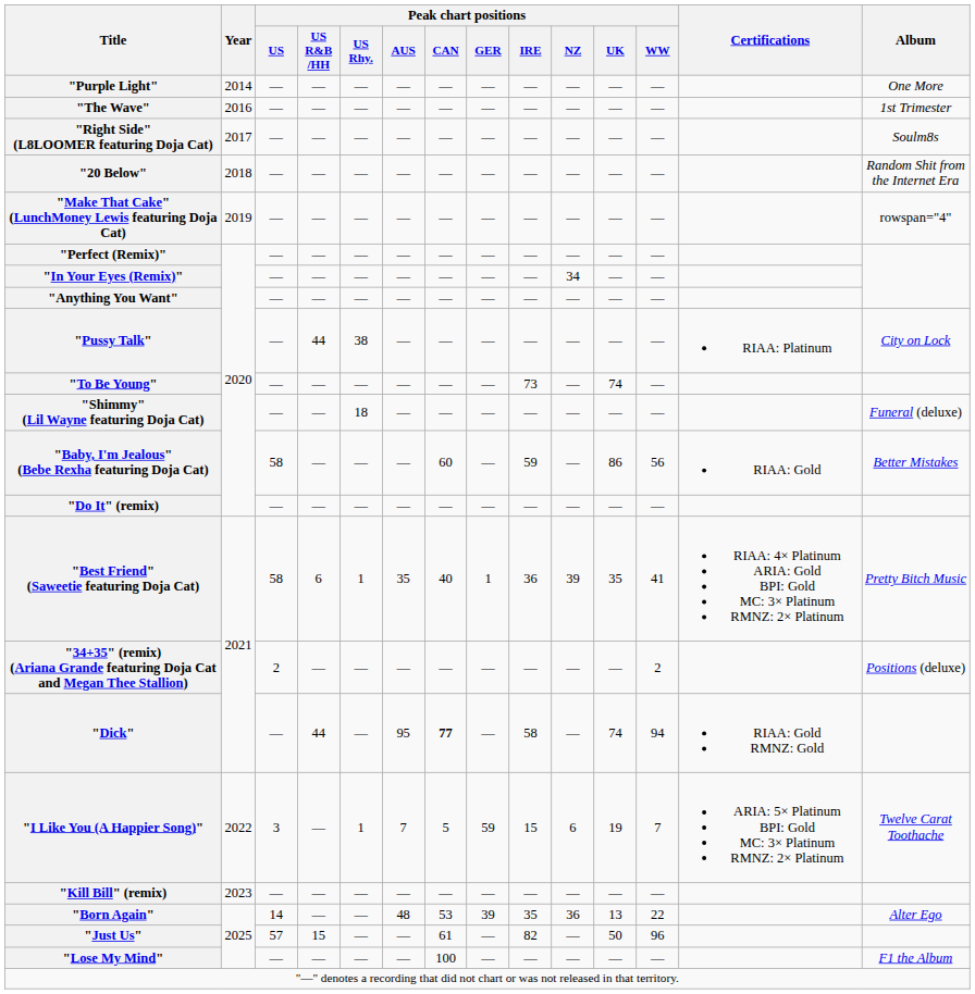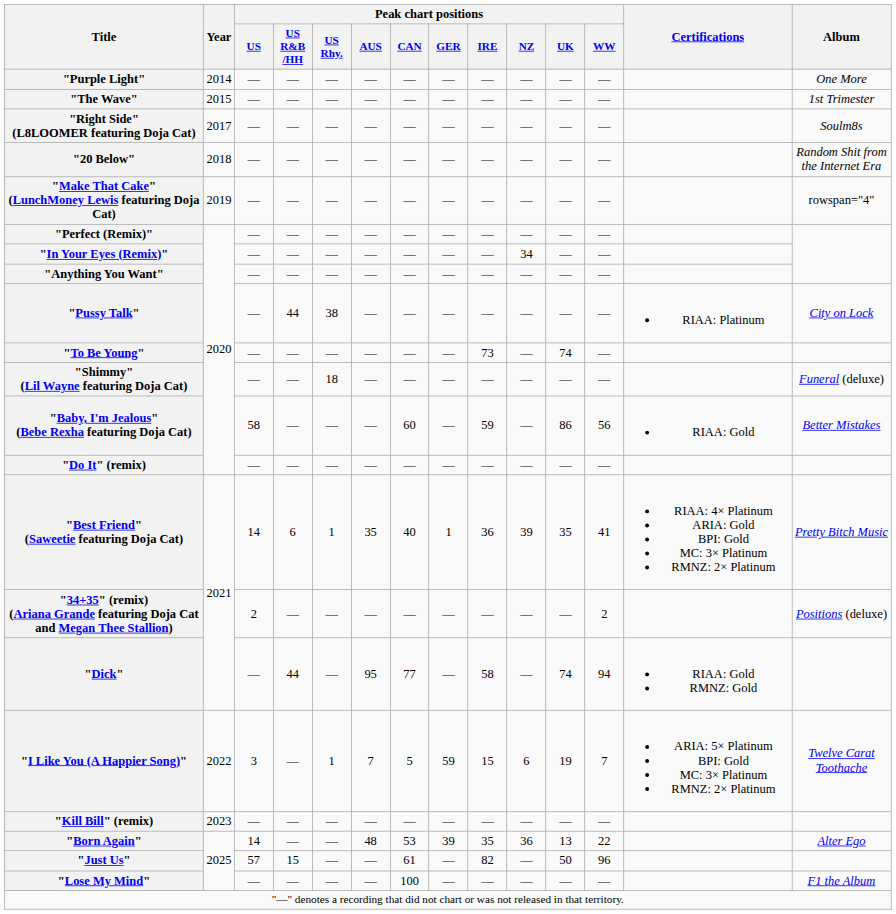 <table class="wikitable plainrowheaders" style="text-align:center;">
 <tr>
 <th scope="col" rowspan="2" style="width:15.5em;">Title</th>
 <th scope="col" rowspan="2" style="width:1em;">Year</th>
 <th scope="col" colspan="10">Peak chart positions</th>
 <th scope="col" rowspan="2" style="width:13em;"><a href='#'>Certifications</a></th>
 <th scope="col" rowspan="2" style="width:7.5em;">Album</th>
 </tr>
 <tr>
 <th scope="col" style="width:3em;font-size:90%;"><a href='#'>US</a><br></th>
 <th scope="col" style="width:3em;font-size:90%;"><a href='#'>US<br>R&B<br>/HH</a><br></th>
 <th scope="col" style="width:3em;font-size:90%;"><a href='#'>US<br>Rhy.</a><br></th>
 <th scope="col" style="width:3em;font-size:90%;"><a href='#'>AUS</a><br></th>
 <th scope="col" style="width:3em;font-size:90%;"><a href='#'>CAN</a><br></th>
 <th scope="col" style="width:3em;font-size:90%;"><a href='#'>GER</a><br></th>
 <th scope="col" style="width:3em;font-size:90%;"><a href='#'>IRE</a><br></th>
 <th scope="col" style="width:3em;font-size:90%;"><a href='#'>NZ</a><br></th>
 <th scope="col" style="width:3em;font-size:90%;"><a href='#'>UK</a><br></th>
 <th scope="col" style="width:3em;font-size:90%;"><a href='#'>WW</a><br></th>
 </tr>
 <tr>
 <th scope="row">"Purple Light"<br></th>
 <td>2014</td>
 <td>—</td>
 <td>—</td>
 <td>—</td>
 <td>—</td>
 <td>—</td>
 <td>—</td>
 <td>—</td>
 <td>—</td>
 <td>—</td>
 <td>—</td>
 <td></td>
 <td><em>One More</em></td>
 </tr>
 <tr>
 <th scope="row">"The Wave"<br></th>
-<td>2016</td>
+<td>2015</td>
 <td>—</td>
 <td>—</td>
 <td>—</td>
 <td>—</td>
 <td>—</td>
 <td>—</td>
 <td>—</td>
 <td>—</td>
 <td>—</td>
 <td>—</td>
 <td></td>
 <td><em>1st Trimester</em></td>
 </tr>
 <tr>
 <th scope="row">"Right Side"<br><span>(L8LOOMER featuring Doja Cat)</span></th>
 <td>2017</td>
 <td>—</td>
 <td>—</td>
 <td>—</td>
 <td>—</td>
 <td>—</td>
 <td>—</td>
 <td>—</td>
 <td>—</td>
 <td>—</td>
 <td>—</td>
 <td></td>
 <td><em>Soulm8s</em></td>
 </tr>
 <tr>
 <th scope="row">"20 Below"<br></th>
 <td>2018</td>
 <td>—</td>
 <td>—</td>
 <td>—</td>
 <td>—</td>
 <td>—</td>
 <td>—</td>
 <td>—</td>
 <td>—</td>
 <td>—</td>
 <td>—</td>
 <td></td>
 <td><em>Random Shit from the Internet Era</em></td>
 </tr>
 <tr>
 <th scope="row">"<a href='#'>Make That Cake</a>"<br><span>(<a href='#'>LunchMoney Lewis</a> featuring Doja Cat)</span></th>
 <td>2019</td>
 <td>—</td>
 <td>—</td>
 <td>—</td>
 <td>—</td>
 <td>—</td>
 <td>—</td>
 <td>—</td>
 <td>—</td>
 <td>—</td>
 <td>—</td>
 <td></td>
 <td>rowspan="4" </td>
 </tr>
 <tr>
 <th scope="row">"Perfect (Remix)"<br></th>
 <td rowspan="8">2020</td>
 <td>—</td>
 <td>—</td>
 <td>—</td>
 <td>—</td>
 <td>—</td>
 <td>—</td>
 <td>—</td>
 <td>—</td>
 <td>—</td>
 <td>—</td>
 <td></td>
 </tr>
 <tr>
 <th scope="row">"<a href='#'>In Your Eyes (Remix)</a>"<br></th>
 <td>—</td>
 <td>—</td>
 <td>—</td>
 <td>—</td>
 <td>—</td>
 <td>—</td>
 <td>—</td>
 <td>34</td>
 <td>—</td>
 <td>—</td>
 <td></td>
 </tr>
 <tr>
 <th scope="row">"Anything You Want"<br></th>
 <td>—</td>
 <td>—</td>
 <td>—</td>
 <td>—</td>
 <td>—</td>
 <td>—</td>
 <td>—</td>
 <td>—</td>
 <td>—</td>
 <td>—</td>
 <td></td>
 </tr>
 <tr>
 <th scope="row">"<a href='#'>Pussy Talk</a>"<br></th>
 <td>—</td>
 <td>44</td>
 <td>38</td>
 <td>—</td>
 <td>—</td>
 <td>—</td>
 <td>—</td>
 <td>—</td>
 <td>—</td>
 <td>—</td>
 <td><br><ul><li>RIAA: Platinum</li></ul></td>
 <td><em><a href='#'>City on Lock</a></em></td>
 </tr>
 <tr>
 <th scope="row">"<a href='#'>To Be Young</a>"<br></th>
 <td>—</td>
 <td>—</td>
 <td>—</td>
 <td>—</td>
 <td>—</td>
 <td>—</td>
 <td>73</td>
 <td>—</td>
 <td>74</td>
 <td>—</td>
 <td></td>
 <td></td>
 </tr>
 <tr>
 <th scope="row">"Shimmy"<br><span>(<a href='#'>Lil Wayne</a> featuring Doja Cat)</span></th>
 <td>—</td>
 <td>—</td>
 <td>18</td>
 <td>—</td>
 <td>—</td>
 <td>—</td>
 <td>—</td>
 <td>—</td>
 <td>—</td>
 <td>—</td>
 <td></td>
 <td><em><a href='#'>Funeral</a></em> (deluxe)</td>
 </tr>
 <tr>
 <th scope="row">"<a href='#'>Baby, I'm Jealous</a>"<br><span>(<a href='#'>Bebe Rexha</a> featuring Doja Cat)</span></th>
 <td>58</td>
 <td>—</td>
 <td>—</td>
 <td>—</td>
 <td>60</td>
 <td>—</td>
 <td>59</td>
 <td>—</td>
 <td>86</td>
 <td>56</td>
 <td><br><ul><li>RIAA: Gold</li></ul></td>
 <td><em><a href='#'>Better Mistakes</a></em></td>
 </tr>
 <tr>
 <th scope="row">"<a href='#'>Do It</a>" (remix)<br></th>
 <td>—</td>
 <td>—</td>
 <td>—</td>
 <td>—</td>
 <td>—</td>
 <td>—</td>
 <td>—</td>
 <td>—</td>
 <td>—</td>
 <td>—</td>
 <td></td>
 <td></td>
 </tr>
 <tr>
 <th scope="row">"<a href='#'>Best Friend</a>"<br><span>(<a href='#'>Saweetie</a> featuring Doja Cat)</span></th>
 <td rowspan="3">2021</td>
-<td>58</td>
+<td>14</td>
 <td>6</td>
 <td>1</td>
 <td>35</td>
 <td>40</td>
 <td>1</td>
 <td>36</td>
 <td>39</td>
 <td>35</td>
 <td>41</td>
 <td><br><ul><li>RIAA: 4× Platinum</li><li>ARIA: Gold</li><li>BPI: Gold</li><li>MC: 3× Platinum</li><li>RMNZ: 2× Platinum</li></ul></td>
 <td><em><a href='#'>Pretty Bitch Music</a></em></td>
 </tr>
 <tr>
 <th scope="row">"<a href='#'>34+35</a>" (remix)<br><span>(<a href='#'>Ariana Grande</a> featuring Doja Cat and <a href='#'>Megan Thee Stallion</a>)</span></th>
 <td>2</td>
 <td>—</td>
 <td>—</td>
 <td>—</td>
 <td>—</td>
 <td>—</td>
 <td>—</td>
 <td>—</td>
 <td>—</td>
 <td>2</td>
 <td></td>
 <td><em><a href='#'>Positions</a></em> (deluxe)</td>
 </tr>
 <tr>
 <th scope="row">"<a href='#'>Dick</a>"<br></th>
 <td>—</td>
 <td>44</td>
 <td>—</td>
 <td>95</td>
-<td><strong>77</strong></td>
+<td>77</td>
 <td>—</td>
 <td>58</td>
 <td>—</td>
 <td>74</td>
 <td>94</td>
 <td><br><ul><li>RIAA: Gold</li><li>RMNZ: Gold</li></ul></td>
 <td></td>
 </tr>
 <tr>
 <th scope="row">"<a href='#'>I Like You (A Happier Song)</a>"<br></th>
 <td>2022</td>
 <td>3</td>
 <td>—</td>
 <td>1</td>
 <td>7</td>
 <td>5</td>
 <td>59</td>
 <td>15</td>
 <td>6</td>
 <td>19</td>
 <td>7</td>
 <td><br><ul><li>ARIA: 5× Platinum</li><li>BPI: Gold</li><li>MC: 3× Platinum</li><li>RMNZ: 2× Platinum</li></ul></td>
 <td><em><a href='#'>Twelve Carat Toothache</a></em></td>
 </tr>
 <tr>
 <th scope="row">"<a href='#'>Kill Bill</a>" (remix)<br></th>
 <td>2023</td>
 <td>—</td>
 <td>—</td>
 <td>—</td>
 <td>—</td>
 <td>—</td>
 <td>—</td>
 <td>—</td>
 <td>—</td>
 <td>—</td>
 <td>—</td>
 <td></td>
 <td></td>
 </tr>
 <tr>
 <th scope="row">"<a href='#'>Born Again</a>"<br></th>
 <td rowspan="3">2025</td>
 <td>14</td>
 <td>—</td>
 <td>—</td>
 <td>48</td>
 <td>53</td>
 <td>39</td>
 <td>35</td>
 <td>36</td>
 <td>13</td>
 <td>22</td>
 <td></td>
 <td><em><a href='#'>Alter Ego</a></em></td>
 </tr>
 <tr>
 <th scope="row">"<a href='#'>Just Us</a>"<br></th>
 <td>57</td>
 <td>15</td>
 <td>—</td>
 <td>—</td>
 <td>61</td>
 <td>—</td>
 <td>82</td>
 <td>—</td>
 <td>50</td>
 <td>96</td>
 <td></td>
 <td></td>
 </tr>
 <tr>
 <th scope="row">"<a href='#'>Lose My Mind</a>"<br></th>
 <td>—</td>
 <td>—</td>
 <td>—</td>
 <td>—</td>
 <td>100</td>
 <td>—</td>
 <td>—</td>
 <td>—</td>
 <td>—</td>
 <td>—</td>
 <td></td>
 <td><em><a href='#'>F1 the Album</a></em></td>
 </tr>
 <tr>
 <td colspan="15" style="font-size:90%">"—" denotes a recording that did not chart or was not released in that territory.</td>
 </tr>
 </table>
